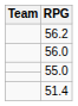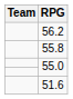 <table class=wikitable>
 <tr>
 <th>Team</th>
 <th>RPG</th>
 </tr>
 <tr>
 <td></td>
 <td align=center>56.2</td>
 </tr>
 <tr>
 <td></td>
-<td align=center>56.0</td>
+<td align=center>55.8</td>
 </tr>
 <tr>
 <td></td>
 <td align=center rowspan=2>55.0</td>
 </tr>
 <tr>
 <td></td>
 </tr>
 <tr>
 <td></td>
-<td align=center>51.4</td>
+<td align=center>51.6</td>
 </tr>
 </table>
